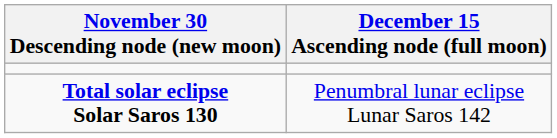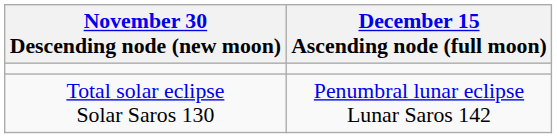 <table class="wikitable">
 <tr>
 <th><a href='#'>November 30</a><br>Descending node (new moon)<br></th>
 <th><a href='#'>December 15</a><br>Ascending node (full moon)<br></th>
 </tr>
 <tr>
 <td></td>
 <td></td>
 </tr>
 <tr align=center>
-<td><strong><a href='#'>Total solar eclipse</a><br>Solar Saros 130</strong></td>
+<td><a href='#'>Total solar eclipse</a><br>Solar Saros 130</td>
 <td><a href='#'>Penumbral lunar eclipse</a><br>Lunar Saros 142</td>
 </tr>
 </table>
